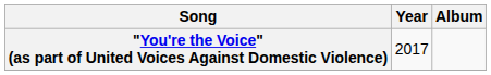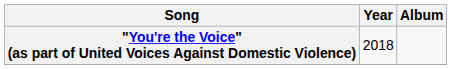 <table class="wikitable plainrowheaders" style="text-align:center;">
 <tr>
 <th scope="col" rowspan="1">Song</th>
 <th scope="col" rowspan="1">Year</th>
 <th scope="col" rowspan="1">Album</th>
 </tr>
 <tr>
 <th scope="row">"<a href='#'>You're the Voice</a>"<br><span>(as part of United Voices Against Domestic Violence)</span></th>
-<td>2017</td>
+<td>2018</td>
 <td></td>
 </tr>
 <tr>
 </tr>
 </table>
